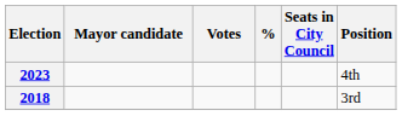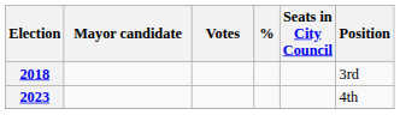 <table class="wikitable">
 <tr>
 <th style="width: 20px">Election</th>
 <th style="width: 130px">Mayor candidate</th>
 <th style="width: 60px">Votes</th>
 <th style="width: 20px">%</th>
 <th style="width: 20px"><strong>Seats in <a href='#'>City Council</a></strong></th>
 <th>Position</th>
 </tr>
 <tr>
+<th><a href='#'>2018</a></th>
+<td></td>
+<td></td>
+<td></td>
+<td></td>
+<td>3rd</td>
+</tr>
+<tr>
 <th><a href='#'>2023</a></th>
 <td></td>
 <td></td>
 <td></td>
 <td></td>
 <td>4th</td>
 </tr>
 <tr>
-<th><a href='#'>2018</a></th>
-<td></td>
-<td></td>
-<td></td>
-<td></td>
-<td>3rd</td>
-</tr>
-<tr>
 </tr>
 </table>
